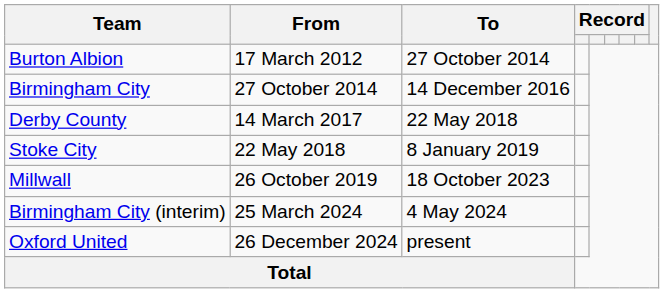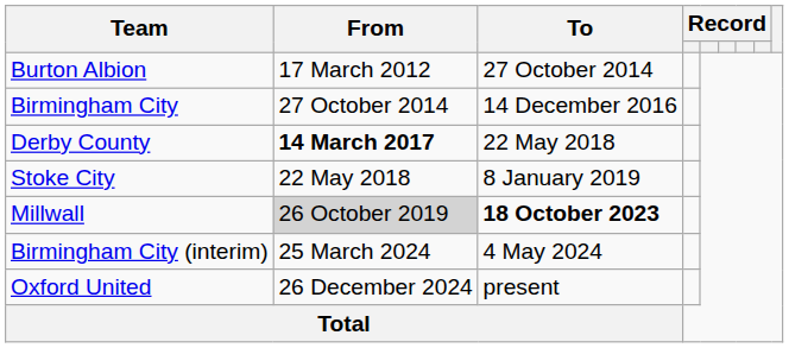 <table class=wikitable style="text-align: center">
 <tr>
 <th rowspan=2>Team</th>
 <th rowspan=2>From</th>
 <th rowspan=2>To</th>
 <th colspan=5>Record</th>
 <th rowspan=2></th>
 </tr>
 <tr>
 <th></th>
 <th></th>
 <th></th>
 <th></th>
 <th></th>
 </tr>
 <tr>
 <td align=left><a href='#'>Burton Albion</a></td>
 <td align=left>17 March 2012</td>
 <td align=left>27 October 2014<br></td>
 <td></td>
 </tr>
 <tr>
 <td align=left><a href='#'>Birmingham City</a></td>
 <td align=left>27 October 2014</td>
 <td align=left>14 December 2016<br></td>
 <td></td>
 </tr>
 <tr>
 <td align=left><a href='#'>Derby County</a></td>
-<td align=left>14 March 2017</td>
+<td align=left><strong>14 March 2017</strong></td>
 <td align=left>22 May 2018<br></td>
 <td></td>
 </tr>
 <tr>
 <td align=left><a href='#'>Stoke City</a></td>
 <td align=left>22 May 2018</td>
 <td align=left>8 January 2019<br></td>
 <td></td>
 </tr>
 <tr>
 <td align=left><a href='#'>Millwall</a></td>
-<td align=left>26 October 2019</td>
-<td align=left>18 October 2023<br></td>
+<td align=left style="background: lightgrey;">26 October 2019</td>
+<td align=left><strong>18 October 2023<br></strong></td>
 <td></td>
 </tr>
 <tr>
 <td align=left><a href='#'>Birmingham City</a> (interim)</td>
 <td align=left>25 March 2024</td>
 <td align=left>4 May 2024<br></td>
 <td></td>
 </tr>
 <tr>
 <td align=left><a href='#'>Oxford United</a></td>
 <td align=left>26 December 2024</td>
 <td align=left>present<br></td>
 <td></td>
 </tr>
 <tr>
 <th colspan=3>Total<br></th>
 </tr>
 </table>
